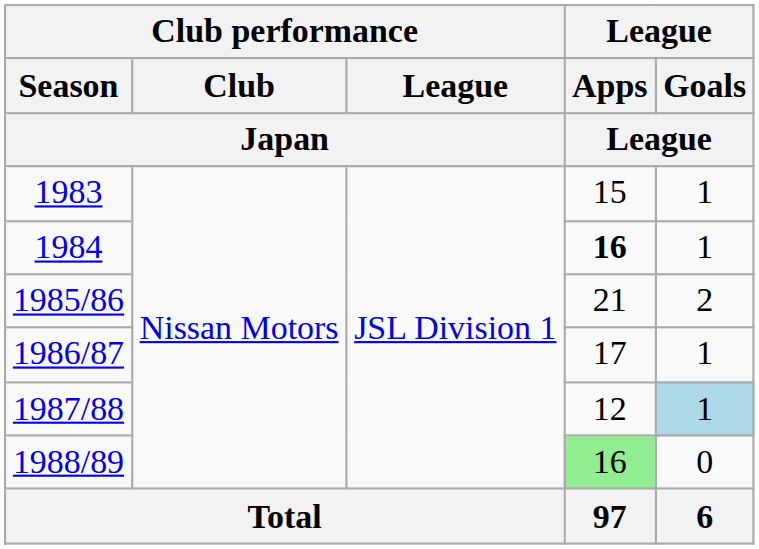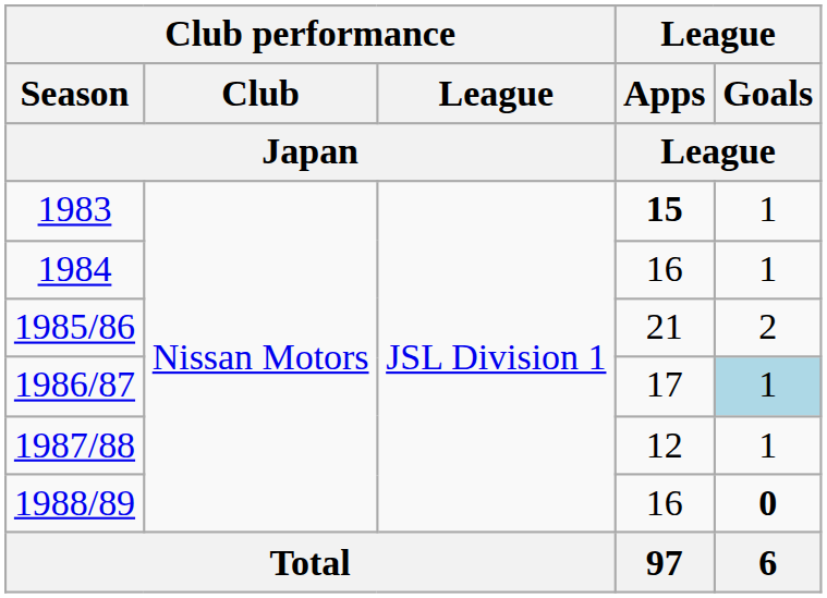 <table class="wikitable" style="text-align:center;">
 <tr>
 <th colspan=3>Club performance</th>
 <th colspan=2>League</th>
 </tr>
 <tr>
 <th>Season</th>
 <th>Club</th>
 <th>League</th>
 <th>Apps</th>
 <th>Goals</th>
 </tr>
 <tr>
 <th colspan=3>Japan</th>
 <th colspan=2>League</th>
 </tr>
 <tr>
 <td><a href='#'>1983</a></td>
 <td rowspan="6"><a href='#'>Nissan Motors</a></td>
 <td rowspan="6"><a href='#'>JSL Division 1</a></td>
-<td>15</td>
+<td><strong>15</strong></td>
 <td>1</td>
 </tr>
 <tr>
 <td><a href='#'>1984</a></td>
-<td><strong>16</strong></td>
+<td>16</td>
 <td>1</td>
 </tr>
 <tr>
 <td><a href='#'>1985/86</a></td>
 <td>21</td>
 <td>2</td>
 </tr>
 <tr>
 <td><a href='#'>1986/87</a></td>
 <td>17</td>
-<td>1</td>
+<td style="background: lightblue;">1</td>
 </tr>
 <tr>
 <td><a href='#'>1987/88</a></td>
 <td>12</td>
-<td style="background: lightblue;">1</td>
+<td>1</td>
 </tr>
 <tr>
 <td><a href='#'>1988/89</a></td>
-<td style="background: lightgreen;">16</td>
-<td>0</td>
+<td>16</td>
+<td><strong>0</strong></td>
 </tr>
 <tr>
 <th colspan=3>Total</th>
 <th>97</th>
 <th>6</th>
 </tr>
 </table>
